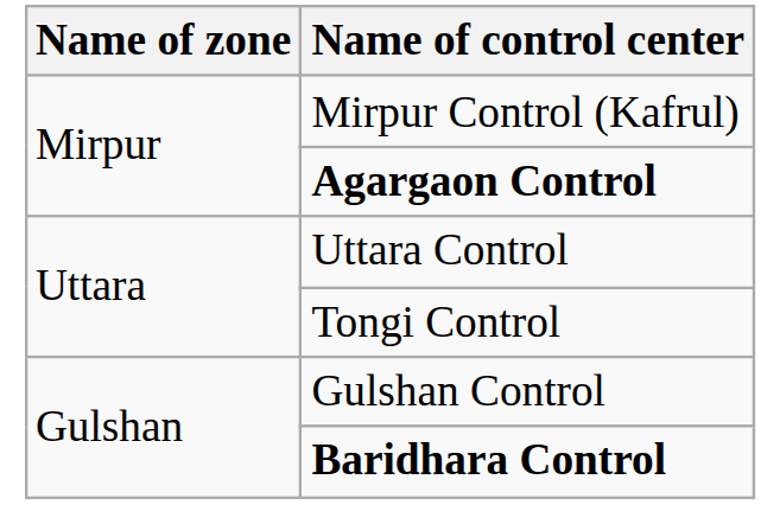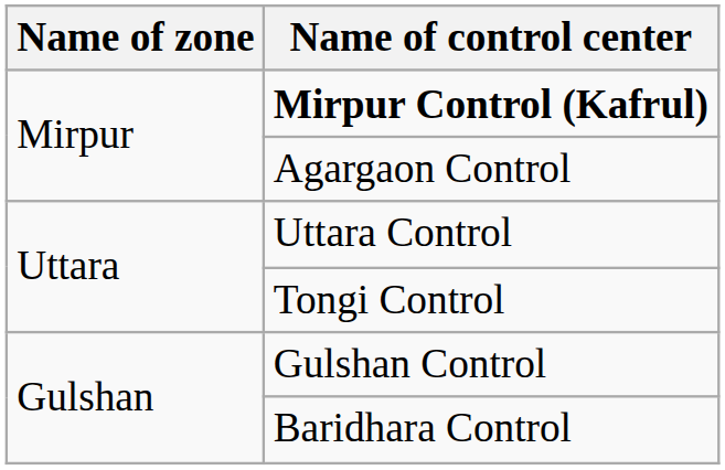 <table class="wikitable floatright" style="margin: 1em auto 1em auto;">
 <tr>
 <th>Name of zone</th>
 <th>Name of control center</th>
 </tr>
 <tr>
 <td rowspan="2">Mirpur</td>
-<td>Mirpur Control (Kafrul)</td>
+<td><strong>Mirpur Control (Kafrul)</strong></td>
 </tr>
 <tr>
-<td><strong>Agargaon Control</strong></td>
+<td>Agargaon Control</td>
 </tr>
 <tr>
 <td rowspan="2">Uttara</td>
 <td>Uttara Control</td>
 </tr>
 <tr>
 <td>Tongi Control</td>
 </tr>
 <tr>
 <td rowspan="2">Gulshan</td>
 <td>Gulshan Control</td>
 </tr>
 <tr>
-<td><strong>Baridhara Control</strong></td>
+<td>Baridhara Control</td>
 </tr>
 </table>
